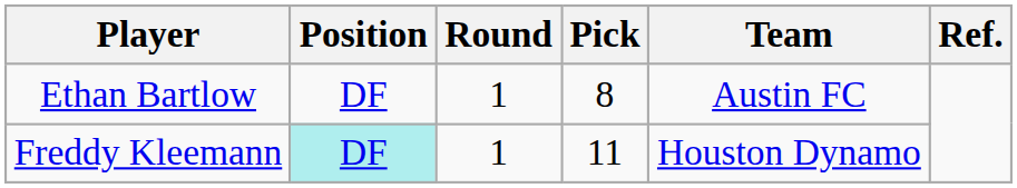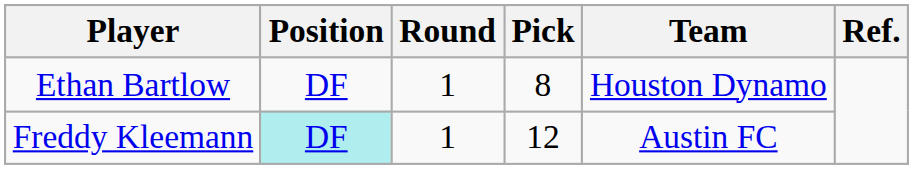 <table class="wikitable" style="text-align:center;">
 <tr>
 <th>Player</th>
 <th>Position</th>
 <th>Round</th>
 <th>Pick</th>
 <th>Team</th>
 <th>Ref.</th>
 </tr>
 <tr>
 <td><a href='#'>Ethan Bartlow</a></td>
 <td><a href='#'>DF</a></td>
 <td>1</td>
 <td>8</td>
-<td><a href='#'>Austin FC</a></td>
+<td><a href='#'>Houston Dynamo</a></td>
 </tr>
 <tr>
 <td><a href='#'>Freddy Kleemann</a></td>
 <td style="background: paleturquoise;"><a href='#'>DF</a></td>
 <td>1</td>
-<td>11</td>
-<td><a href='#'>Houston Dynamo</a></td>
+<td>12</td>
+<td><a href='#'>Austin FC</a></td>
 </tr>
 </table>
